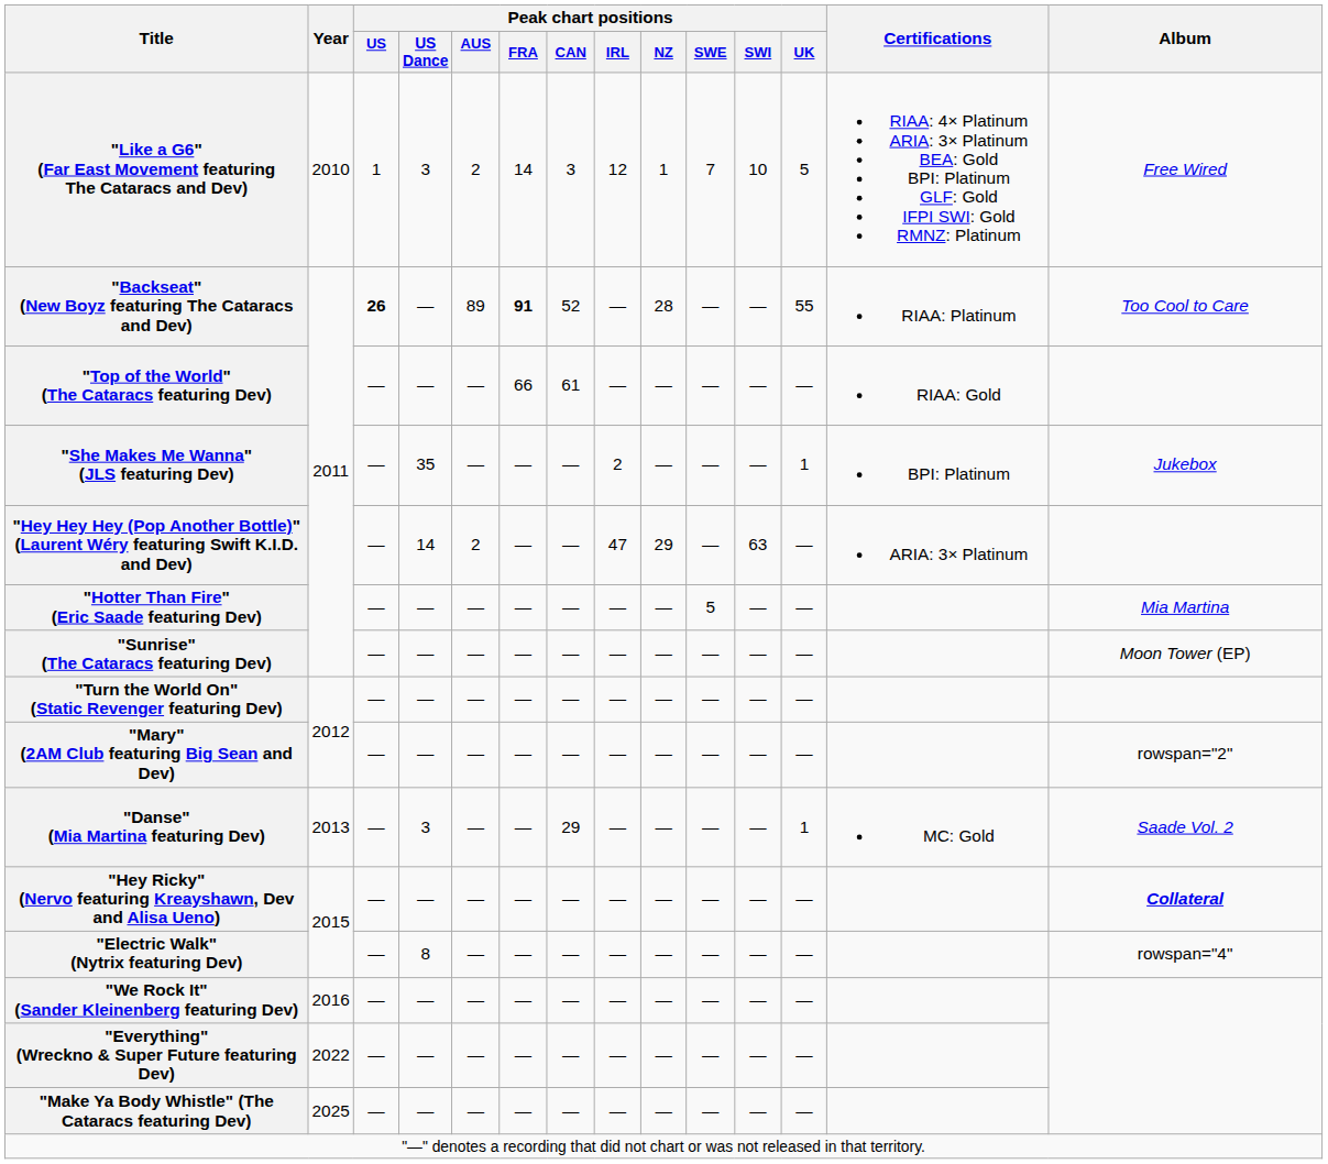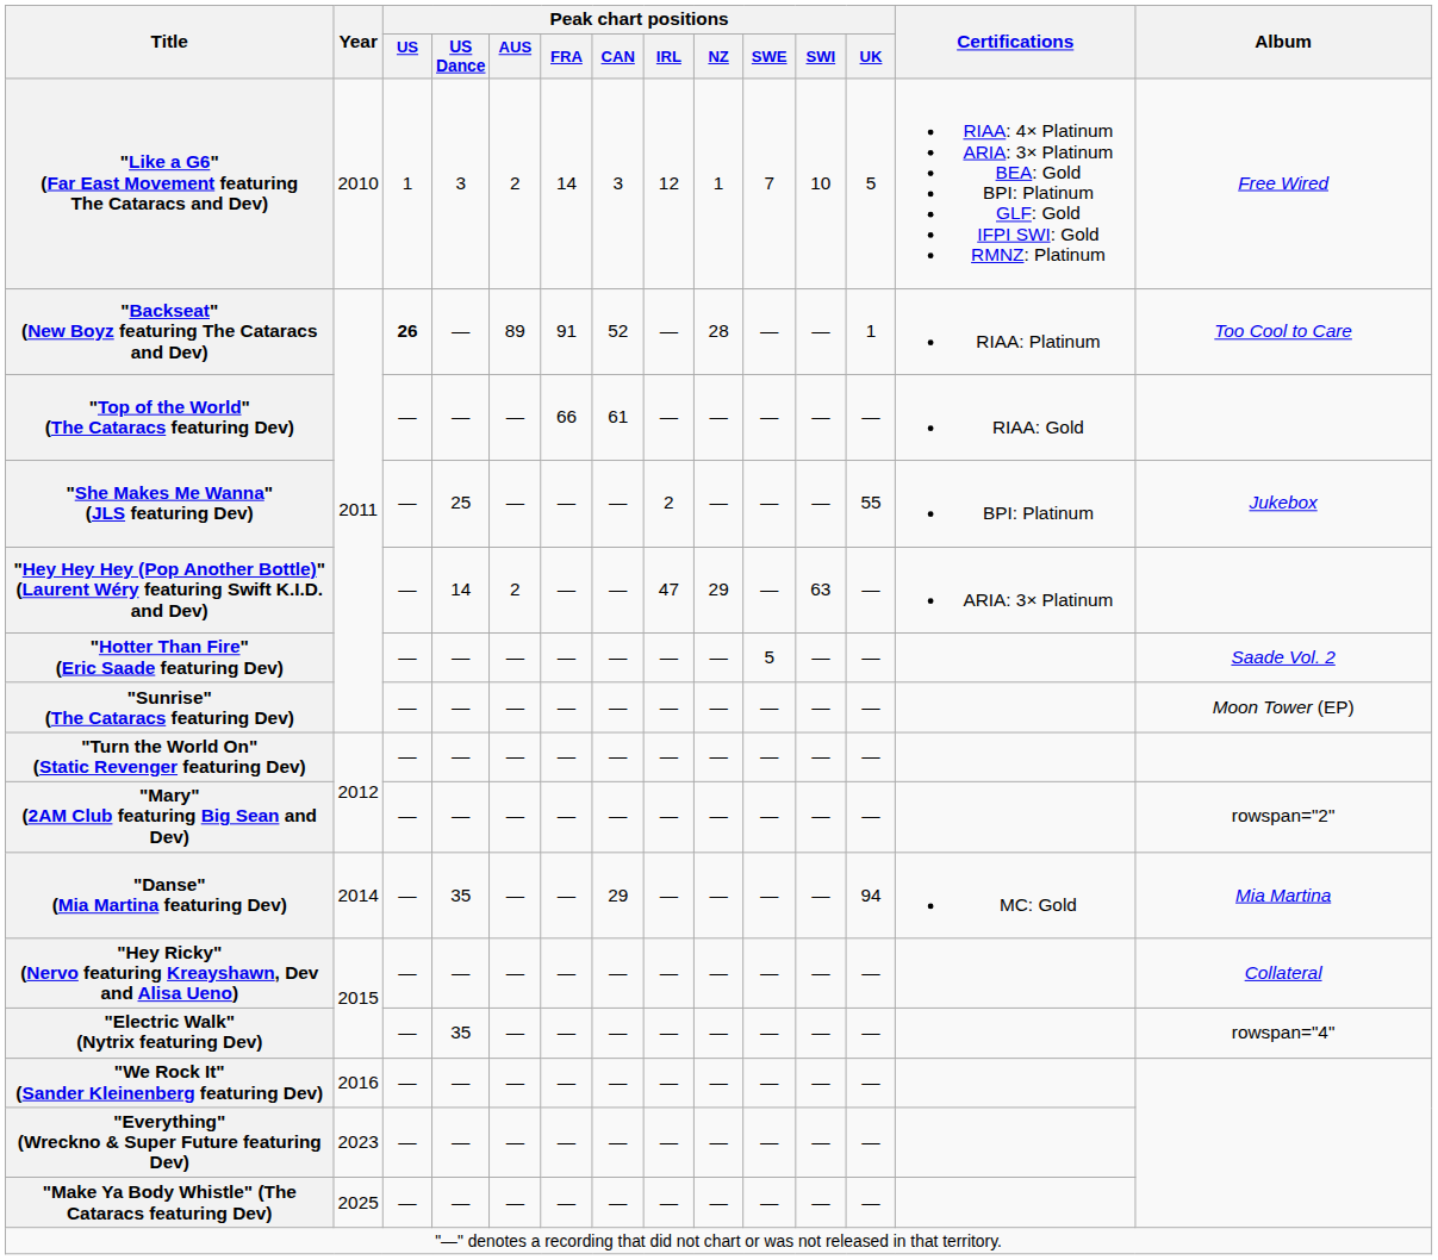 <table class="wikitable plainrowheaders" style="text-align:center;" border="1">
 <tr>
 <th scope="col" rowspan="2" style="width:20em;">Title</th>
 <th scope="col" rowspan="2">Year</th>
 <th scope="col" colspan="10">Peak chart positions</th>
 <th scope="col" rowspan="2" style="width:14em;"><a href='#'>Certifications</a></th>
 <th scope="col" rowspan="2" style="width:18em;">Album</th>
 </tr>
 <tr>
 <th scope="col" style="width:3em;font-size:85%;"><a href='#'>US</a><br><br></th>
 <th scope="col" style="width:3em;font-size:90%;"><a href='#'>US Dance</a><br></th>
 <th scope="col" style="width:3em;font-size:85%;"><a href='#'>AUS</a><br><br></th>
 <th scope="col" style="width:3em;font-size:85%;"><a href='#'>FRA</a><br></th>
 <th scope="col" style="width:3em;font-size:85%;"><a href='#'>CAN</a><br></th>
 <th scope="col" style="width:3em;font-size:85%;"><a href='#'>IRL</a><br></th>
 <th scope="col" style="width:3em;font-size:85%;"><a href='#'>NZ</a><br></th>
 <th scope="col" style="width:3em;font-size:85%;"><a href='#'>SWE</a><br></th>
 <th scope="col" style="width:3em;font-size:85%;"><a href='#'>SWI</a><br></th>
 <th scope="col" style="width:3em;font-size:85%;"><a href='#'>UK</a><br></th>
 </tr>
 <tr>
 <th scope="row">"<a href='#'>Like a G6</a>"<br><span>(<a href='#'>Far East Movement</a> featuring<br> The Cataracs and Dev)</span></th>
 <td>2010</td>
 <td>1</td>
 <td>3</td>
 <td>2</td>
 <td>14</td>
 <td>3</td>
 <td>12</td>
 <td>1</td>
 <td>7</td>
 <td>10</td>
 <td>5</td>
 <td><br><ul><li><a href='#'>RIAA</a>: 4× Platinum</li><li><a href='#'>ARIA</a>: 3× Platinum</li><li><a href='#'>BEA</a>: Gold</li><li>BPI: Platinum</li><li><a href='#'>GLF</a>: Gold</li><li><a href='#'>IFPI SWI</a>: Gold</li><li><a href='#'>RMNZ</a>: Platinum</li></ul></td>
 <td><em><a href='#'>Free Wired</a></em></td>
 </tr>
 <tr>
 <th scope="row">"<a href='#'>Backseat</a>"<br><span>(<a href='#'>New Boyz</a> featuring The Cataracs and Dev)</span></th>
 <td rowspan="6">2011</td>
 <td><strong>26</strong></td>
 <td>—</td>
 <td>89</td>
-<td><strong>91</strong></td>
+<td>91</td>
 <td>52</td>
 <td>—</td>
 <td>28</td>
 <td>—</td>
 <td>—</td>
-<td>55</td>
+<td>1</td>
 <td><br><ul><li>RIAA: Platinum</li></ul></td>
 <td><em><a href='#'>Too Cool to Care</a></em></td>
 </tr>
 <tr>
 <th scope="row">"<a href='#'>Top of the World</a>"<br><span>(<a href='#'>The Cataracs</a> featuring Dev)</span></th>
 <td>—</td>
 <td>—</td>
 <td>—</td>
 <td>66</td>
 <td>61</td>
 <td>—</td>
 <td>—</td>
 <td>—</td>
 <td>—</td>
 <td>—</td>
 <td><br><ul><li>RIAA: Gold</li></ul></td>
 <td></td>
 </tr>
 <tr>
 <th scope="row">"<a href='#'>She Makes Me Wanna</a>"<br><span>(<a href='#'>JLS</a> featuring Dev)</span></th>
 <td>—</td>
-<td>35</td>
+<td>25</td>
 <td>—</td>
 <td>—</td>
 <td>—</td>
 <td>2</td>
 <td>—</td>
 <td>—</td>
 <td>—</td>
-<td>1</td>
+<td>55</td>
 <td><br><ul><li>BPI: Platinum</li></ul></td>
 <td><em><a href='#'>Jukebox</a></em></td>
 </tr>
 <tr>
 <th scope="row">"<a href='#'>Hey Hey Hey (Pop Another Bottle)</a>"<br><span>(<a href='#'>Laurent Wéry</a> featuring Swift K.I.D. and Dev)</span></th>
 <td>—</td>
 <td>14</td>
 <td>2</td>
 <td>—</td>
 <td>—</td>
 <td>47</td>
 <td>29</td>
 <td>—</td>
 <td>63</td>
 <td>—</td>
 <td><br><ul><li>ARIA: 3× Platinum</li></ul></td>
 <td></td>
 </tr>
 <tr>
 <th scope="row">"<a href='#'>Hotter Than Fire</a>"<br><span>(<a href='#'>Eric Saade</a> featuring Dev)</span></th>
 <td>—</td>
 <td>—</td>
 <td>—</td>
 <td>—</td>
 <td>—</td>
 <td>—</td>
 <td>—</td>
 <td>5</td>
 <td>—</td>
 <td>—</td>
 <td></td>
-<td><em><a href='#'>Mia Martina</a></em></td>
+<td><em><a href='#'>Saade Vol. 2</a></em></td>
 </tr>
 <tr>
 <th scope="row">"Sunrise"<br><span>(<a href='#'>The Cataracs</a> featuring Dev)</span></th>
 <td>—</td>
 <td>—</td>
 <td>—</td>
 <td>—</td>
 <td>—</td>
 <td>—</td>
 <td>—</td>
 <td>—</td>
 <td>—</td>
 <td>—</td>
 <td></td>
 <td><em>Moon Tower</em> (EP)</td>
 </tr>
 <tr>
 <th scope="row">"Turn the World On"<br><span>(<a href='#'>Static Revenger</a> featuring Dev)</span></th>
 <td rowspan="2">2012</td>
 <td>—</td>
 <td>—</td>
 <td>—</td>
 <td>—</td>
 <td>—</td>
 <td>—</td>
 <td>—</td>
 <td>—</td>
 <td>—</td>
 <td>—</td>
 <td></td>
 </tr>
 <tr>
 <th scope="row">"Mary"<br><span>(<a href='#'>2AM Club</a> featuring <a href='#'>Big Sean</a> and Dev)</span></th>
 <td>—</td>
 <td>—</td>
 <td>—</td>
 <td>—</td>
 <td>—</td>
 <td>—</td>
 <td>—</td>
 <td>—</td>
 <td>—</td>
 <td>—</td>
 <td></td>
 <td>rowspan="2" </td>
 </tr>
 <tr>
 <th scope="row">"Danse"<br><span>(<a href='#'>Mia Martina</a> featuring Dev)</span></th>
-<td>2013</td>
+<td>2014</td>
 <td>—</td>
-<td>3</td>
+<td>35</td>
 <td>—</td>
 <td>—</td>
 <td>29</td>
 <td>—</td>
 <td>—</td>
 <td>—</td>
 <td>—</td>
-<td>1</td>
+<td>94</td>
 <td><br><ul><li>MC: Gold</li></ul></td>
-<td><em><a href='#'>Saade Vol. 2</a></em></td>
+<td><em><a href='#'>Mia Martina</a></em></td>
 </tr>
 <tr>
 <th scope="row">"Hey Ricky"<br><span>(<a href='#'>Nervo</a> featuring <a href='#'>Kreayshawn</a>, Dev and <a href='#'>Alisa Ueno</a>)</span></th>
 <td rowspan="2">2015</td>
 <td>—</td>
 <td>—</td>
 <td>—</td>
 <td>—</td>
 <td>—</td>
 <td>—</td>
 <td>—</td>
 <td>—</td>
 <td>—</td>
 <td>—</td>
 <td></td>
-<td><strong><em><a href='#'>Collateral</a></em></strong></td>
+<td><em><a href='#'>Collateral</a></em></td>
 </tr>
 <tr>
 <th scope="row">"Electric Walk"<br><span>(Nytrix featuring Dev)</span></th>
 <td>—</td>
-<td>8</td>
+<td>35</td>
 <td>—</td>
 <td>—</td>
 <td>—</td>
 <td>—</td>
 <td>—</td>
 <td>—</td>
 <td>—</td>
 <td>—</td>
 <td></td>
 <td>rowspan="4" </td>
 </tr>
 <tr>
 <th scope="row">"We Rock It"<br><span>(<a href='#'>Sander Kleinenberg</a> featuring Dev)</span></th>
 <td>2016</td>
 <td>—</td>
 <td>—</td>
 <td>—</td>
 <td>—</td>
 <td>—</td>
 <td>—</td>
 <td>—</td>
 <td>—</td>
 <td>—</td>
 <td>—</td>
 <td></td>
 </tr>
 <tr>
 <th scope="row">"Everything"<br><span>(Wreckno & Super Future featuring Dev)</span></th>
-<td>2022</td>
+<td>2023</td>
 <td>—</td>
 <td>—</td>
 <td>—</td>
 <td>—</td>
 <td>—</td>
 <td>—</td>
 <td>—</td>
 <td>—</td>
 <td>—</td>
 <td>—</td>
 <td></td>
 </tr>
 <tr>
 <th scope="row">"Make Ya Body Whistle" <span>(The Cataracs featuring Dev)</span></th>
 <td>2025</td>
 <td>—</td>
 <td>—</td>
 <td>—</td>
 <td>—</td>
 <td>—</td>
 <td>—</td>
 <td>—</td>
 <td>—</td>
 <td>—</td>
 <td>—</td>
 <td></td>
 </tr>
 <tr>
 <td colspan="15" style="font-size:90%">"—" denotes a recording that did not chart or was not released in that territory.</td>
 </tr>
 </table>
